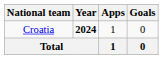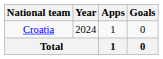 <table class=wikitable style=text-align:center>
 <tr>
 <th>National team</th>
 <th>Year</th>
 <th>Apps</th>
 <th>Goals</th>
 </tr>
 <tr>
 <td><a href='#'>Croatia</a></td>
-<td><strong>2024</strong></td>
+<td>2024</td>
 <td>1</td>
 <td>0</td>
 </tr>
 <tr>
 <th colspan="2">Total</th>
 <th>1</th>
 <th>0</th>
 </tr>
 </table>
